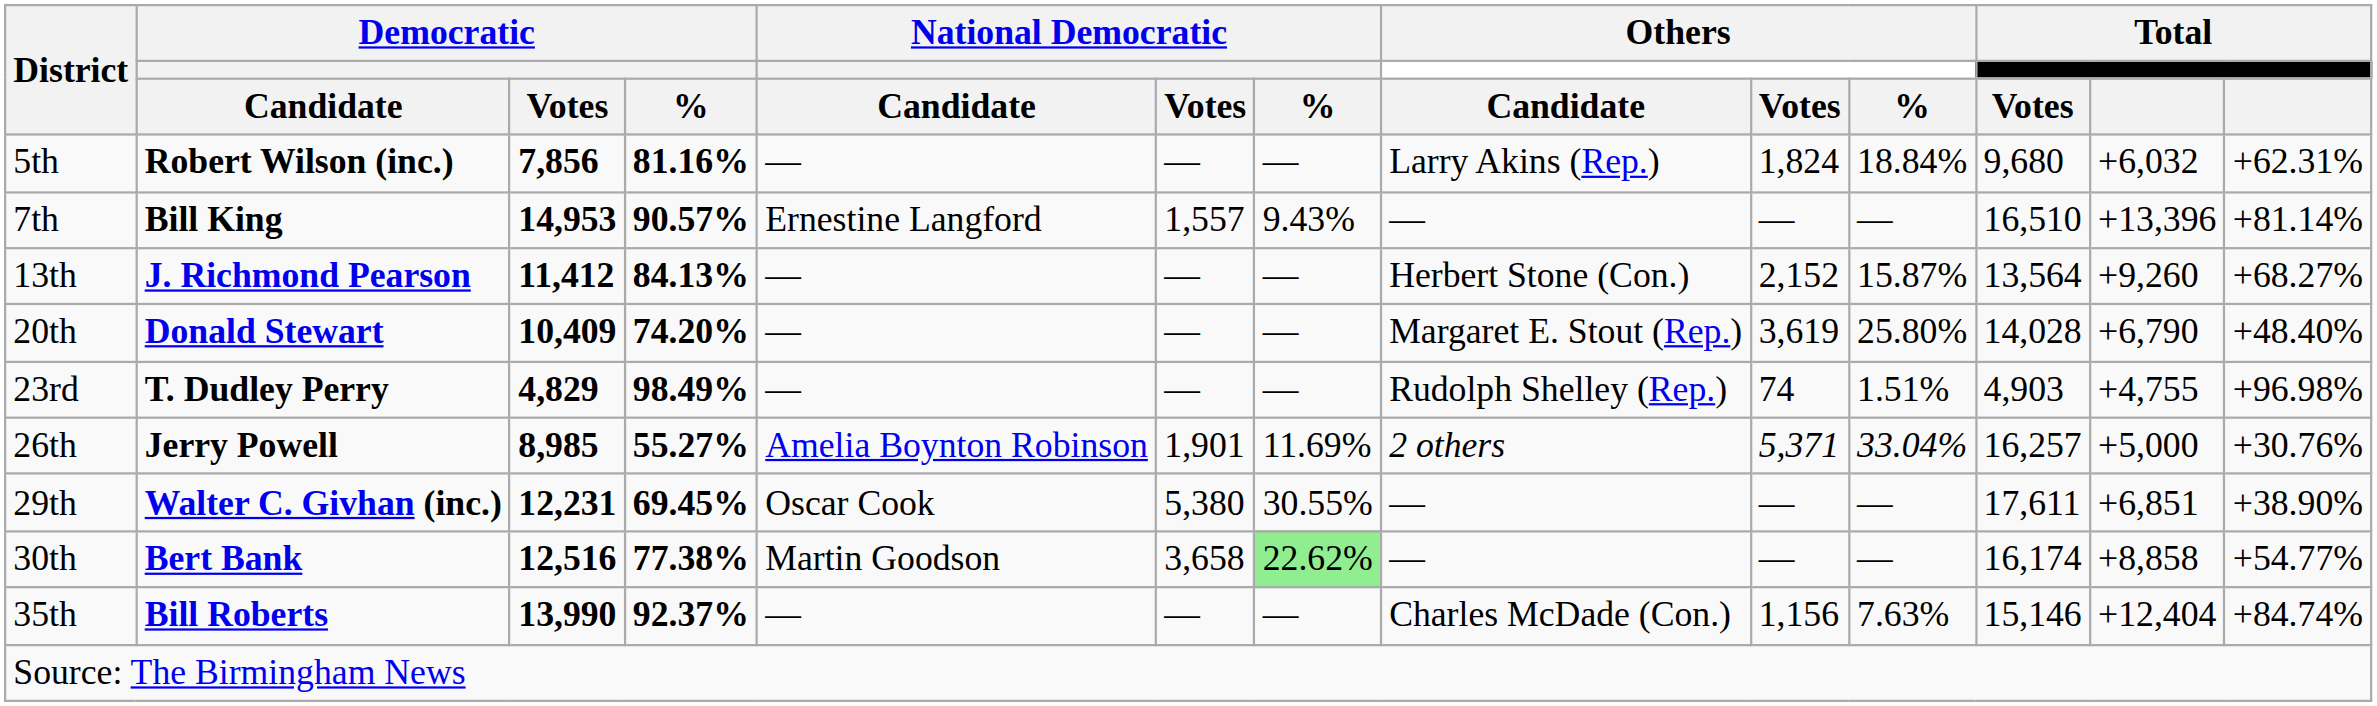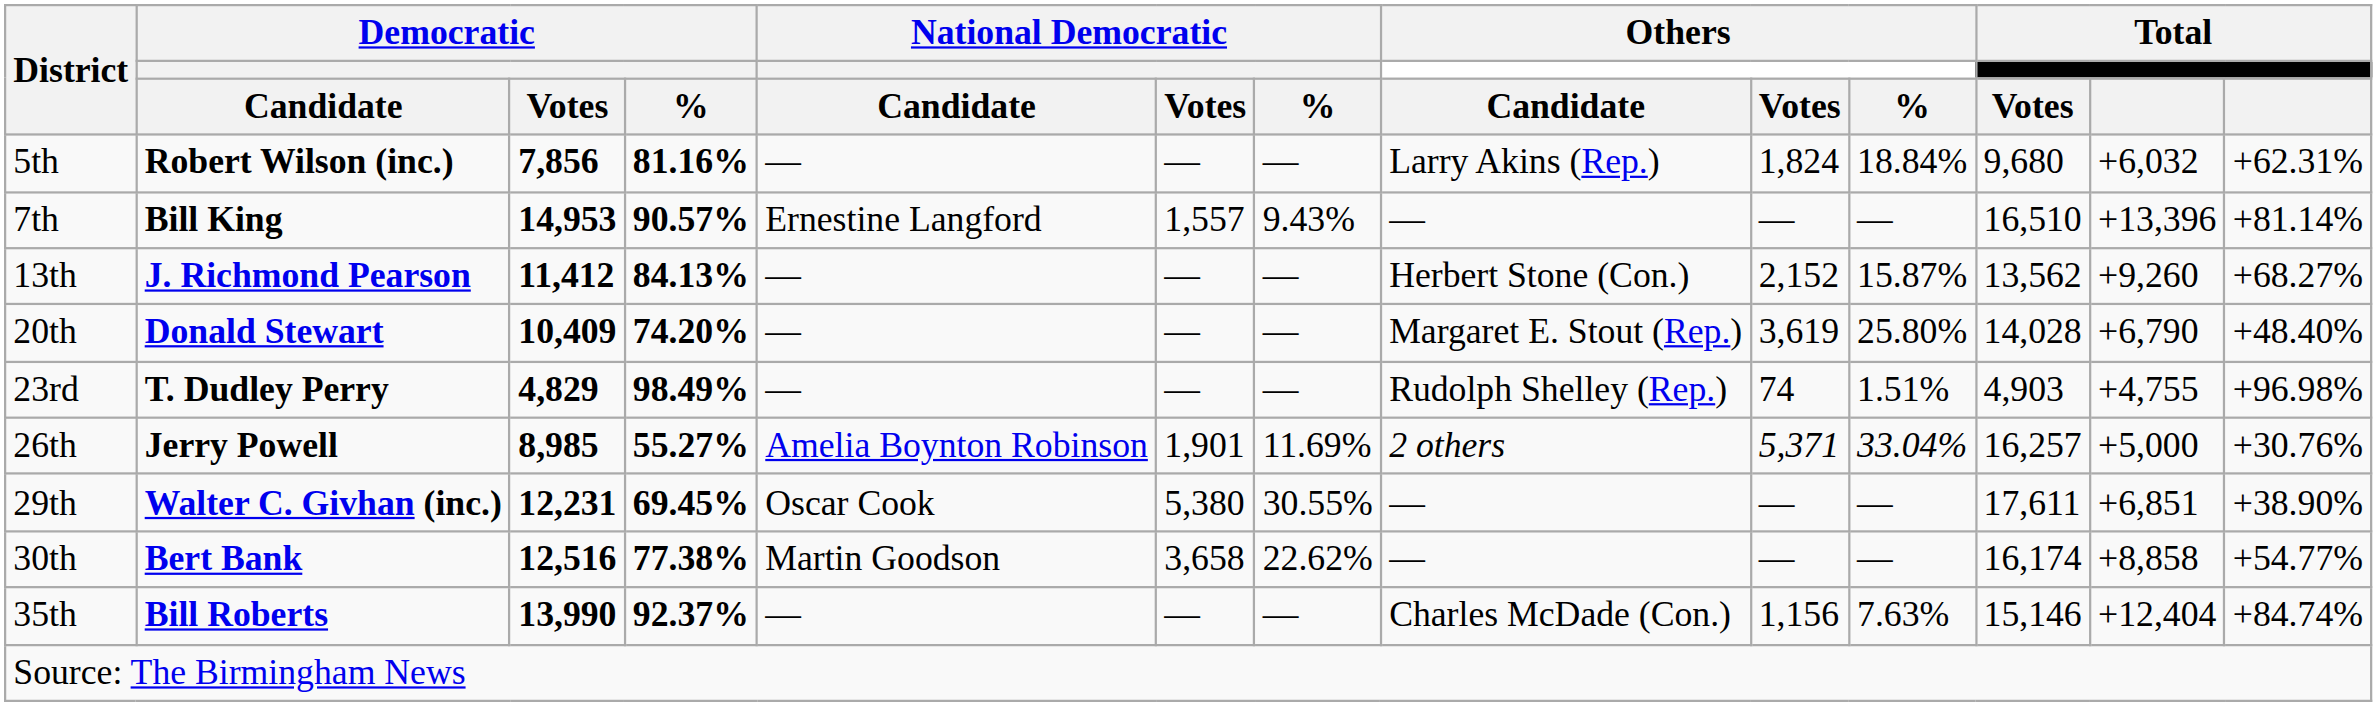 <table class="wikitable sortable defaultcenter">
 <tr>
 <th rowspan="3">District</th>
 <th colspan=3><a href='#'>Democratic</a></th>
 <th colspan=3><a href='#'>National Democratic</a></th>
 <th colspan=3>Others</th>
 <th colspan=3>Total</th>
 </tr>
 <tr>
 <th colspan=3 style="background-color:"></th>
 <th colspan=3 style="background-color:"></th>
 <th colspan=3 style="background-color:#ffffff"></th>
 <th colspan=3 style="background-color:#000000"></th>
 </tr>
 <tr>
 <th>Candidate</th>
 <th>Votes</th>
 <th>%</th>
 <th>Candidate</th>
 <th>Votes</th>
 <th>%</th>
 <th>Candidate</th>
 <th>Votes</th>
 <th>%</th>
 <th>Votes</th>
 <th></th>
 <th></th>
 </tr>
 <tr>
 <td>5th</td>
 <td><strong>Robert Wilson (inc.)</strong></td>
 <td><strong>7,856</strong></td>
 <td><strong>81.16%</strong></td>
 <td>—</td>
 <td>—</td>
 <td>—</td>
 <td>Larry Akins (<a href='#'>Rep.</a>)</td>
 <td>1,824</td>
 <td>18.84%</td>
 <td>9,680</td>
 <td>+6,032</td>
 <td>+62.31%</td>
 </tr>
 <tr>
 <td>7th</td>
 <td><strong>Bill King</strong></td>
 <td><strong>14,953</strong></td>
 <td><strong>90.57%</strong></td>
 <td>Ernestine Langford</td>
 <td>1,557</td>
 <td>9.43%</td>
 <td>—</td>
 <td>—</td>
 <td>—</td>
 <td>16,510</td>
 <td>+13,396</td>
 <td>+81.14%</td>
 </tr>
 <tr>
 <td>13th</td>
 <td><strong><a href='#'>J. Richmond Pearson</a></strong></td>
 <td><strong>11,412</strong></td>
 <td><strong>84.13%</strong></td>
 <td>—</td>
 <td>—</td>
 <td>—</td>
 <td>Herbert Stone (Con.)</td>
 <td>2,152</td>
 <td>15.87%</td>
-<td>13,564</td>
+<td>13,562</td>
 <td>+9,260</td>
 <td>+68.27%</td>
 </tr>
 <tr>
 <td>20th</td>
 <td><strong><a href='#'>Donald Stewart</a></strong></td>
 <td><strong>10,409</strong></td>
 <td><strong>74.20%</strong></td>
 <td>—</td>
 <td>—</td>
 <td>—</td>
 <td>Margaret E. Stout (<a href='#'>Rep.</a>)</td>
 <td>3,619</td>
 <td>25.80%</td>
 <td>14,028</td>
 <td>+6,790</td>
 <td>+48.40%</td>
 </tr>
 <tr>
 <td>23rd</td>
 <td><strong>T. Dudley Perry</strong></td>
 <td><strong>4,829</strong></td>
 <td><strong>98.49%</strong></td>
 <td>—</td>
 <td>—</td>
 <td>—</td>
 <td>Rudolph Shelley (<a href='#'>Rep.</a>)</td>
 <td>74</td>
 <td>1.51%</td>
 <td>4,903</td>
 <td>+4,755</td>
 <td>+96.98%</td>
 </tr>
 <tr>
 <td>26th</td>
 <td><strong>Jerry Powell</strong></td>
 <td><strong>8,985</strong></td>
 <td><strong>55.27%</strong></td>
 <td><a href='#'>Amelia Boynton Robinson</a></td>
 <td>1,901</td>
 <td>11.69%</td>
 <td><em>2 others</em></td>
 <td><em>5,371</em></td>
 <td><em>33.04%</em></td>
 <td>16,257</td>
 <td>+5,000</td>
 <td>+30.76%</td>
 </tr>
 <tr>
 <td>29th</td>
 <td><strong><a href='#'>Walter C. Givhan</a> (inc.)</strong></td>
 <td><strong>12,231</strong></td>
 <td><strong>69.45%</strong></td>
 <td>Oscar Cook</td>
 <td>5,380</td>
 <td>30.55%</td>
 <td>—</td>
 <td>—</td>
 <td>—</td>
 <td>17,611</td>
 <td>+6,851</td>
 <td>+38.90%</td>
 </tr>
 <tr>
 <td>30th</td>
 <td><strong><a href='#'>Bert Bank</a></strong></td>
 <td><strong>12,516</strong></td>
 <td><strong>77.38%</strong></td>
 <td>Martin Goodson</td>
 <td>3,658</td>
-<td style="background: lightgreen;">22.62%</td>
+<td>22.62%</td>
 <td>—</td>
 <td>—</td>
 <td>—</td>
 <td>16,174</td>
 <td>+8,858</td>
 <td>+54.77%</td>
 </tr>
 <tr>
 <td>35th</td>
 <td><strong><a href='#'>Bill Roberts</a></strong></td>
 <td><strong>13,990</strong></td>
 <td><strong>92.37%</strong></td>
 <td>—</td>
 <td>—</td>
 <td>—</td>
 <td>Charles McDade (Con.)</td>
 <td>1,156</td>
 <td>7.63%</td>
 <td>15,146</td>
 <td>+12,404</td>
 <td>+84.74%</td>
 </tr>
 <tr>
 <td style="text-align:left;" colspan=13>Source: <a href='#'>The Birmingham News</a></td>
 </tr>
 </table>
